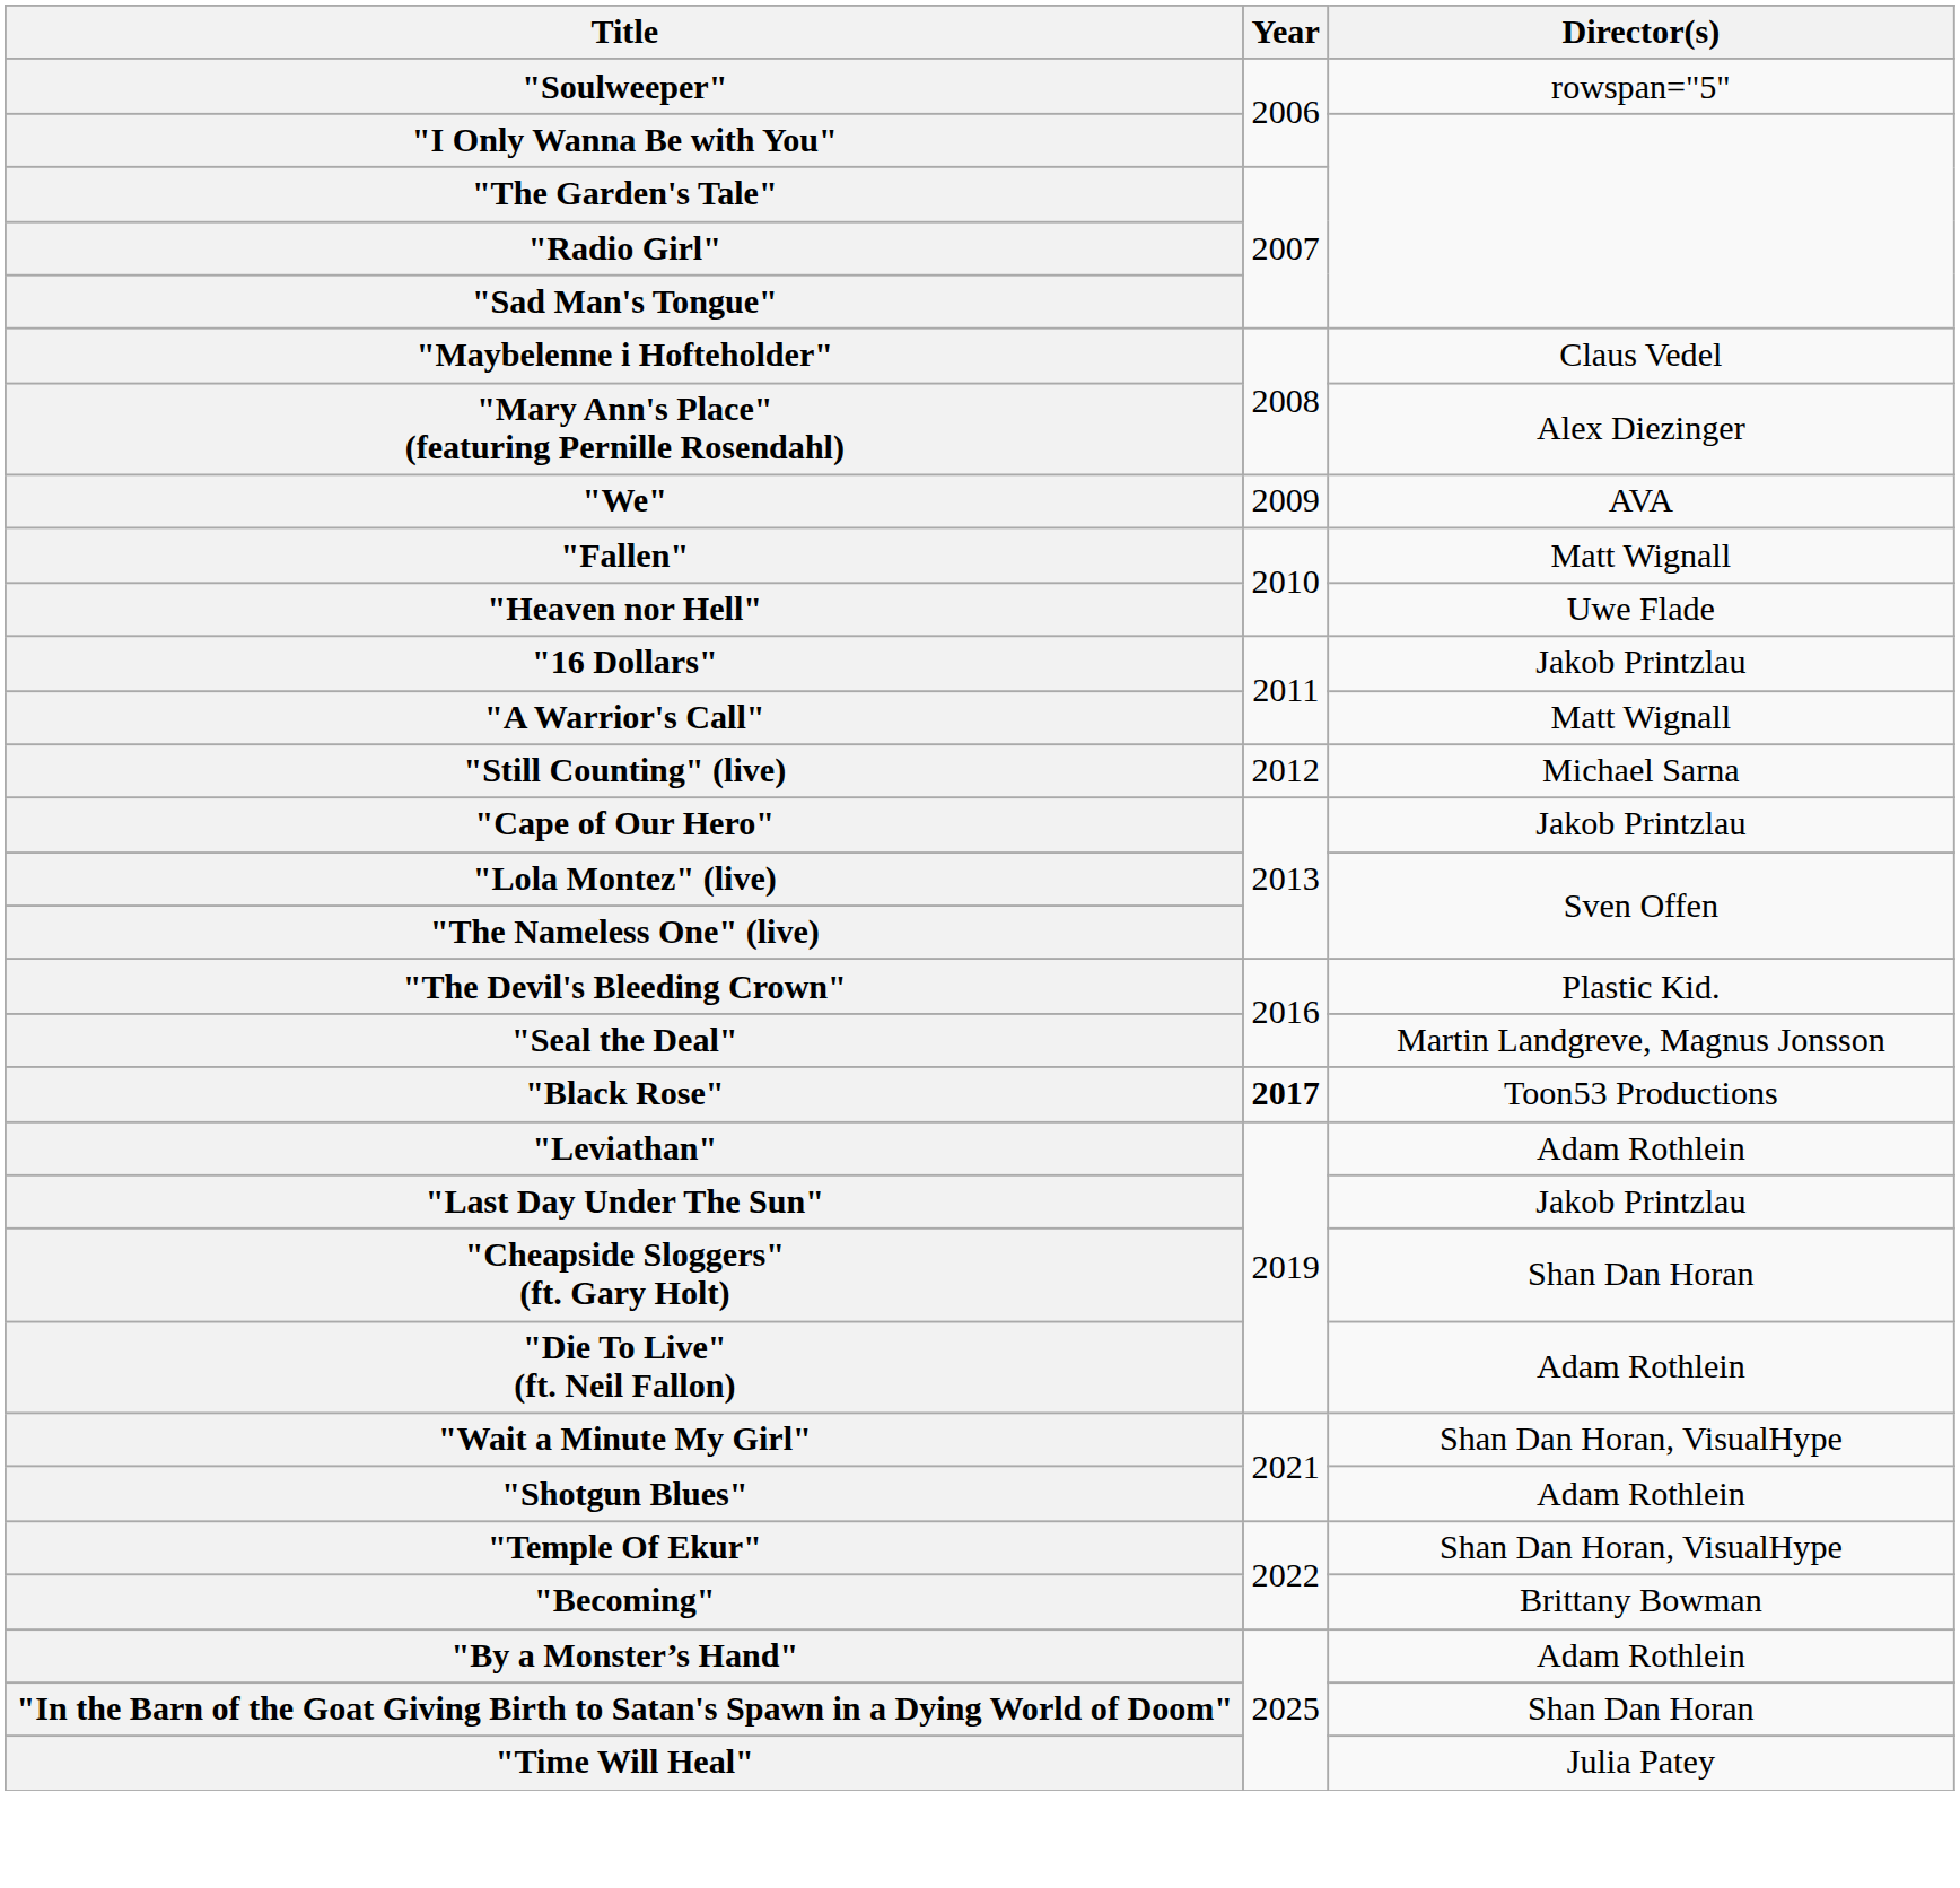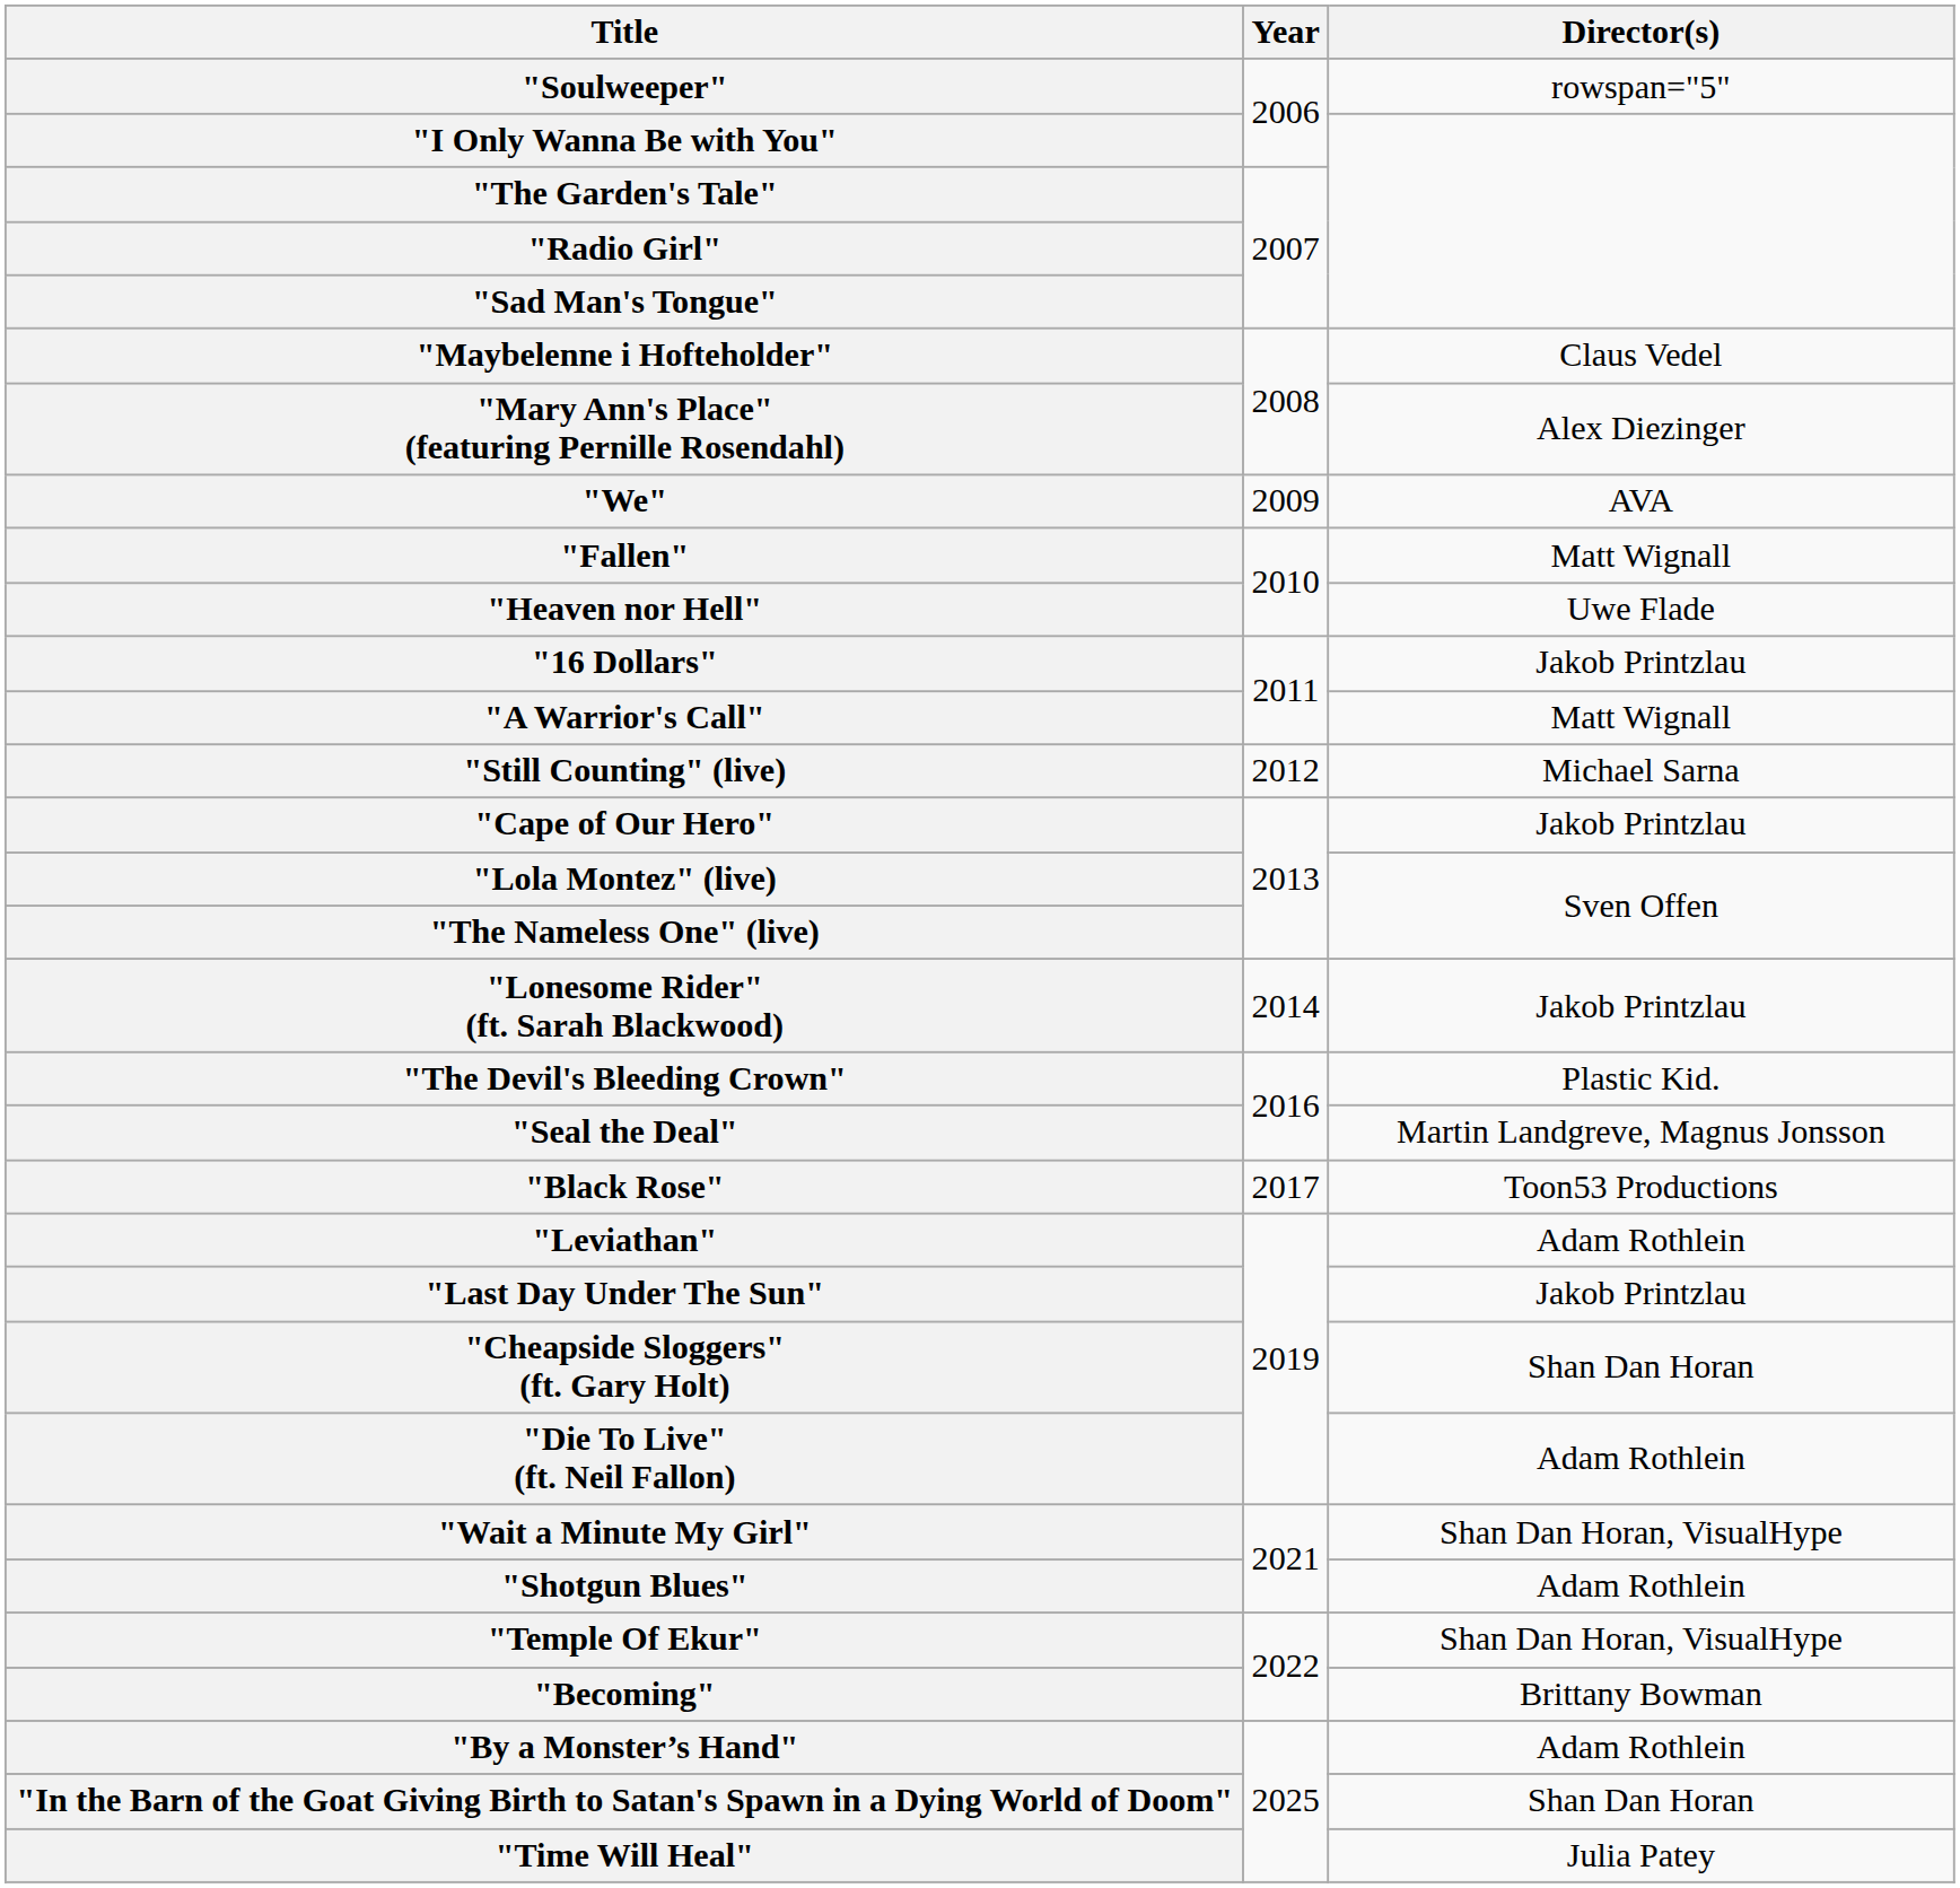 <table class="wikitable plainrowheaders" style="text-align:center;">
 <tr>
 <th scope="col" style="width:36em;">Title</th>
 <th scope="col">Year</th>
 <th scope="col" style="width:18em;">Director(s)</th>
 </tr>
 <tr>
 <th scope="row">"Soulweeper"</th>
 <td rowspan="2">2006</td>
 <td>rowspan="5" </td>
 </tr>
 <tr>
 <th scope="row">"I Only Wanna Be with You"</th>
 </tr>
 <tr>
 <th scope="row">"The Garden's Tale"</th>
 <td rowspan="3">2007</td>
 </tr>
 <tr>
 <th scope="row">"Radio Girl"</th>
 </tr>
 <tr>
 <th scope="row">"Sad Man's Tongue"</th>
 </tr>
 <tr>
 <th scope="row">"Maybelenne i Hofteholder"</th>
 <td rowspan="2">2008</td>
 <td>Claus Vedel</td>
 </tr>
 <tr>
 <th scope="row">"Mary Ann's Place"<br><span>(featuring Pernille Rosendahl)</span></th>
 <td>Alex Diezinger</td>
 </tr>
 <tr>
 <th scope="row">"We"</th>
 <td>2009</td>
 <td>AVA</td>
 </tr>
 <tr>
 <th scope="row">"Fallen"</th>
 <td rowspan="2">2010</td>
 <td>Matt Wignall</td>
 </tr>
 <tr>
 <th scope="row">"Heaven nor Hell"</th>
 <td>Uwe Flade</td>
 </tr>
 <tr>
 <th scope="row">"16 Dollars"</th>
 <td rowspan="2">2011</td>
 <td>Jakob Printzlau</td>
 </tr>
 <tr>
 <th scope="row">"A Warrior's Call"</th>
 <td>Matt Wignall</td>
 </tr>
 <tr>
 <th scope="row">"Still Counting" (live)</th>
 <td>2012</td>
 <td>Michael Sarna</td>
 </tr>
 <tr>
 <th scope="row">"Cape of Our Hero"</th>
 <td rowspan="3">2013</td>
 <td>Jakob Printzlau</td>
 </tr>
 <tr>
 <th scope="row">"Lola Montez" (live)</th>
 <td rowspan="2">Sven Offen</td>
 </tr>
 <tr>
 <th scope="row">"The Nameless One" (live)</th>
 </tr>
 <tr>
+<th scope="row">"Lonesome Rider"<br><span>(ft. Sarah Blackwood)</span></th>
+<td>2014</td>
+<td>Jakob Printzlau</td>
+</tr>
+<tr>
 <th scope="row">"The Devil's Bleeding Crown"</th>
 <td rowspan="2">2016</td>
 <td>Plastic Kid.</td>
 </tr>
 <tr>
 <th scope="row">"Seal the Deal"</th>
 <td>Martin Landgreve, Magnus Jonsson</td>
 </tr>
 <tr>
 <th scope="row">"Black Rose"</th>
-<td><strong>2017</strong></td>
+<td>2017</td>
 <td>Toon53 Productions</td>
 </tr>
 <tr>
 <th scope="row">"Leviathan"</th>
 <td rowspan="4">2019</td>
 <td>Adam Rothlein</td>
 </tr>
 <tr>
 <th scope="row">"Last Day Under The Sun"</th>
 <td>Jakob Printzlau</td>
 </tr>
 <tr>
 <th scope="row">"Cheapside Sloggers"<br><span>(ft. Gary Holt)</span></th>
 <td>Shan Dan Horan</td>
 </tr>
 <tr>
 <th scope="row">"Die To Live"<br><span>(ft. Neil Fallon)</span></th>
 <td>Adam Rothlein</td>
 </tr>
 <tr>
 <th scope="row">"Wait a Minute My Girl"</th>
 <td rowspan="2">2021</td>
 <td>Shan Dan Horan, VisualHype</td>
 </tr>
 <tr>
 <th scope="row">"Shotgun Blues"</th>
 <td>Adam Rothlein</td>
 </tr>
 <tr>
 <th scope="row">"Temple Of Ekur"</th>
 <td rowspan="2">2022</td>
 <td>Shan Dan Horan, VisualHype</td>
 </tr>
 <tr>
 <th scope="row">"Becoming"</th>
 <td>Brittany Bowman</td>
 </tr>
 <tr>
 <th scope="row">"By a Monster’s Hand"</th>
 <td rowspan="3">2025</td>
 <td>Adam Rothlein</td>
 </tr>
 <tr>
 <th scope="row">"In the Barn of the Goat Giving Birth to Satan's Spawn in a Dying World of Doom"</th>
 <td>Shan Dan Horan</td>
 </tr>
 <tr>
 <th scope="row">"Time Will Heal"</th>
 <td>Julia Patey</td>
 </tr>
 </table>
